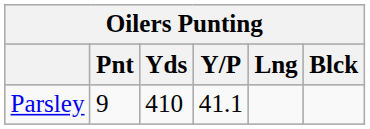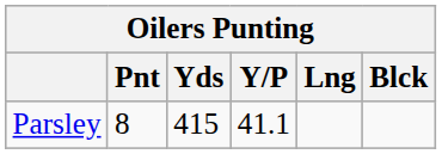 <table class="wikitable">
 <tr>
 <th colspan="6">Oilers Punting</th>
 </tr>
 <tr>
 <th></th>
 <th>Pnt</th>
 <th>Yds</th>
 <th>Y/P</th>
 <th>Lng</th>
 <th>Blck</th>
 </tr>
 <tr>
 <td><a href='#'>Parsley</a></td>
-<td>9</td>
-<td>410</td>
+<td>8</td>
+<td>415</td>
 <td>41.1</td>
 <td></td>
 <td></td>
 </tr>
 </table>
